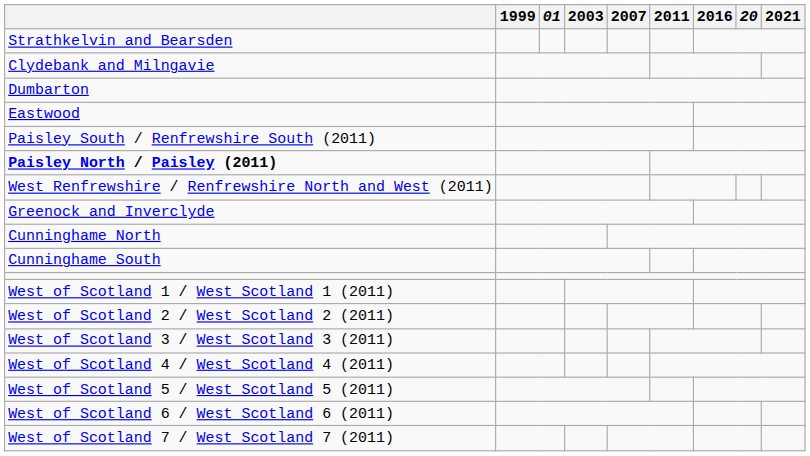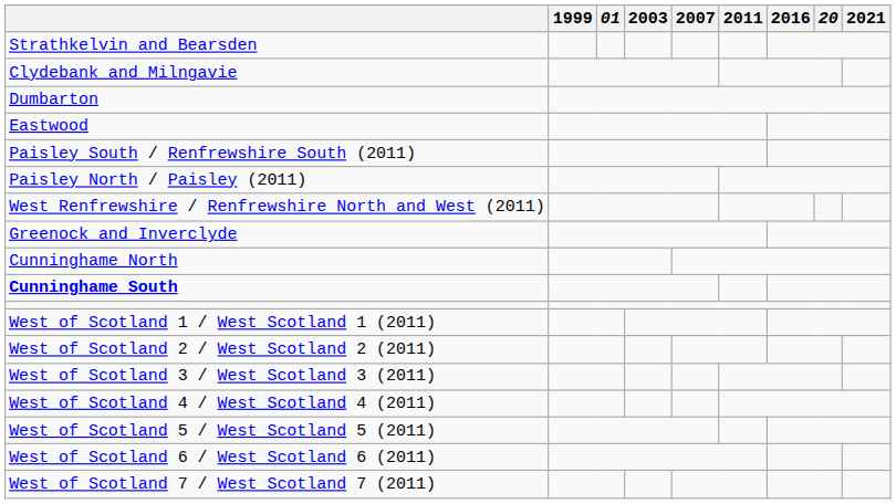 <table class="wikitable">
 <tr>
 <th></th>
 <th>1999</th>
 <th><em>01</em></th>
 <th>2003</th>
 <th>2007</th>
 <th>2011</th>
 <th>2016</th>
 <th><em>20</em></th>
 <th>2021</th>
 </tr>
 <tr>
 <td><a href='#'>Strathkelvin and Bearsden</a></td>
 <td><a href='#'></a></td>
 <td><a href='#'></a></td>
 <td><a href='#'></a></td>
 <td><a href='#'></a></td>
 <td><a href='#'></a></td>
 <td colspan="3"><a href='#'></a></td>
 </tr>
 <tr>
 <td><a href='#'>Clydebank and Milngavie</a></td>
 <td colspan="4"><a href='#'></a></td>
 <td colspan="3"><a href='#'></a></td>
 <td><a href='#'></a></td>
 </tr>
 <tr>
 <td><a href='#'>Dumbarton</a></td>
 <td colspan="8"><a href='#'></a></td>
 </tr>
 <tr>
 <td><a href='#'>Eastwood</a></td>
 <td colspan="5"><a href='#'></a></td>
 <td colspan="3"><a href='#'></a></td>
 </tr>
 <tr>
 <td><a href='#'>Paisley South</a> / <a href='#'>Renfrewshire South</a> (2011)</td>
 <td colspan="5"><a href='#'></a></td>
 <td colspan="3"><a href='#'></a></td>
 </tr>
 <tr>
-<td><strong><a href='#'>Paisley North</a> / <a href='#'>Paisley</a> (2011)</strong></td>
+<td><a href='#'>Paisley North</a> / <a href='#'>Paisley</a> (2011)</td>
 <td colspan="4"><a href='#'></a></td>
 <td colspan="4"><a href='#'></a></td>
 </tr>
 <tr>
 <td><a href='#'>West Renfrewshire</a> / <a href='#'>Renfrewshire North and West</a> (2011)</td>
 <td colspan="4"><a href='#'></a></td>
 <td colspan="2"><a href='#'></a></td>
 <td><a href='#'></a></td>
 <td><a href='#'></a></td>
 </tr>
 <tr>
 <td><a href='#'>Greenock and Inverclyde</a></td>
 <td colspan="5"><a href='#'></a></td>
 <td colspan="3"><a href='#'></a></td>
 </tr>
 <tr>
 <td><a href='#'>Cunninghame North</a></td>
 <td colspan="3"><a href='#'></a></td>
 <td colspan="5"><a href='#'></a></td>
 </tr>
 <tr>
-<td><a href='#'>Cunninghame South</a></td>
+<td><strong><a href='#'>Cunninghame South</a></strong></td>
 <td colspan="4"></td>
 <td><a href='#'></a></td>
 <td colspan="3"><a href='#'></a></td>
 </tr>
 <tr>
 <td></td>
 <td colspan="8"></td>
 </tr>
 <tr>
 <td><a href='#'>West of Scotland</a> 1 / <a href='#'>West Scotland</a> 1 (2011)</td>
 <td colspan="2"><a href='#'></a></td>
 <td colspan="3"><a href='#'></a></td>
 <td colspan="3"><a href='#'></a></td>
 </tr>
 <tr>
 <td><a href='#'>West of Scotland</a> 2 / <a href='#'>West Scotland</a> 2 (2011)</td>
 <td colspan="2"><a href='#'></a></td>
 <td><a href='#'></a></td>
 <td colspan="2"><a href='#'></a></td>
 <td colspan="2"><a href='#'></a></td>
 <td><a href='#'></a></td>
 </tr>
 <tr>
 <td><a href='#'>West of Scotland</a> 3 / <a href='#'>West Scotland</a> 3 (2011)</td>
 <td colspan="2"><a href='#'></a></td>
 <td><a href='#'></a></td>
 <td><a href='#'></a></td>
 <td colspan="3"><a href='#'></a></td>
 <td><a href='#'></a></td>
 </tr>
 <tr>
 <td><a href='#'>West of Scotland</a> 4 / <a href='#'>West Scotland</a> 4 (2011)</td>
 <td colspan="2"><a href='#'></a></td>
 <td><a href='#'></a></td>
 <td><a href='#'></a></td>
 <td colspan="4"><a href='#'></a></td>
 </tr>
 <tr>
 <td><a href='#'>West of Scotland</a> 5 / <a href='#'>West Scotland</a> 5 (2011)</td>
 <td colspan="4"><a href='#'></a></td>
 <td><a href='#'></a></td>
 <td colspan="3"><a href='#'></a></td>
 </tr>
 <tr>
 <td><a href='#'>West of Scotland</a> 6 / <a href='#'>West Scotland</a> 6 (2011)</td>
 <td colspan="5"><a href='#'></a></td>
 <td colspan="2"><a href='#'></a></td>
 <td><a href='#'></a></td>
 </tr>
 <tr>
 <td><a href='#'>West of Scotland</a> 7 / <a href='#'>West Scotland</a> 7 (2011)</td>
 <td colspan="2"><a href='#'></a></td>
 <td><a href='#'></a></td>
 <td colspan="2"><a href='#'></a></td>
 <td colspan="2"><a href='#'></a></td>
 <td><a href='#'></a></td>
 </tr>
 </table>
